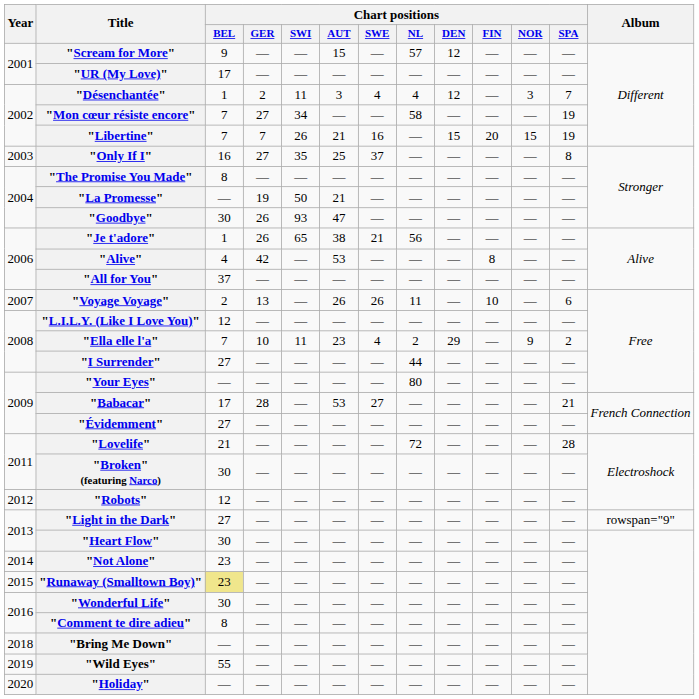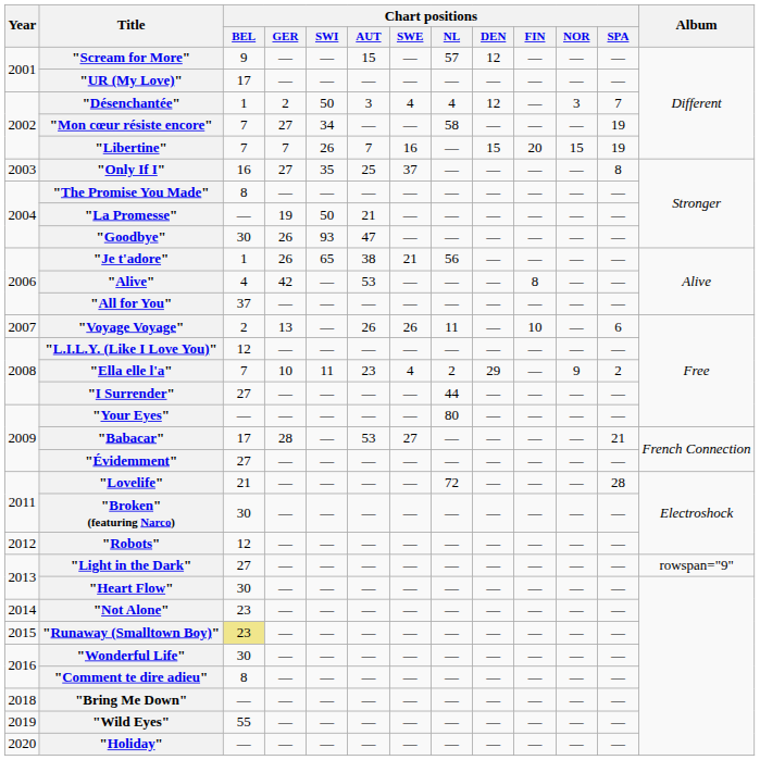 <table class="wikitable plainrowheaders" style="text-align:center;" border="1">
 <tr>
 <th scope="col" rowspan="2">Year</th>
 <th scope="col" rowspan="2">Title</th>
 <th scope="col" colspan="10">Chart positions</th>
 <th scope="col" rowspan="2">Album</th>
 </tr>
 <tr>
 <th scope="col" style="width:3em;font-size:85%;"><a href='#'>BEL</a><br></th>
 <th scope="col" style="width:3em;font-size:85%;"><a href='#'>GER</a><br></th>
 <th scope="col" style="width:3em;font-size:85%;"><a href='#'>SWI</a><br></th>
 <th scope="col" style="width:3em;font-size:85%;"><a href='#'>AUT</a><br></th>
 <th scope="col" style="width:3em;font-size:85%;"><a href='#'>SWE</a><br></th>
 <th scope="col" style="width:3em;font-size:85%;"><a href='#'>NL</a><br></th>
 <th scope="col" style="width:3em;font-size:85%;"><a href='#'>DEN</a><br></th>
 <th scope="col" style="width:3em;font-size:85%;"><a href='#'>FIN</a><br></th>
 <th scope="col" style="width:3em;font-size:85%;"><a href='#'>NOR</a><br></th>
 <th scope="col" style="width:3em;font-size:85%;"><a href='#'>SPA</a><br></th>
 </tr>
 <tr>
 <td rowspan="2">2001</td>
 <th scope="row">"<a href='#'>Scream for More</a>"</th>
 <td>9</td>
 <td>—</td>
 <td>—</td>
 <td>15</td>
 <td>—</td>
 <td>57</td>
 <td>12</td>
 <td>—</td>
 <td>—</td>
 <td>—</td>
 <td rowspan="5"><em>Different</em></td>
 </tr>
 <tr>
 <th scope="row">"<a href='#'>UR (My Love)</a>"</th>
 <td>17</td>
 <td>—</td>
 <td>—</td>
 <td>—</td>
 <td>—</td>
 <td>—</td>
 <td>—</td>
 <td>—</td>
 <td>—</td>
 <td>—</td>
 </tr>
 <tr>
 <td rowspan="3">2002</td>
 <th scope="row">"<a href='#'>Désenchantée</a>"</th>
 <td>1</td>
 <td>2</td>
-<td>11</td>
+<td>50</td>
 <td>3</td>
 <td>4</td>
 <td>4</td>
 <td>12</td>
 <td>—</td>
 <td>3</td>
 <td>7</td>
 </tr>
 <tr>
 <th scope="row">"<a href='#'>Mon cœur résiste encore</a>"</th>
 <td>7</td>
 <td>27</td>
 <td>34</td>
 <td>—</td>
 <td>—</td>
 <td>58</td>
 <td>—</td>
 <td>—</td>
 <td>—</td>
 <td>19</td>
 </tr>
 <tr>
 <th scope="row">"<a href='#'>Libertine</a>"</th>
 <td>7</td>
 <td>7</td>
 <td>26</td>
-<td>21</td>
+<td>7</td>
 <td>16</td>
 <td>—</td>
 <td>15</td>
 <td>20</td>
 <td>15</td>
 <td>19</td>
 </tr>
 <tr>
 <td>2003</td>
 <th scope="row">"<a href='#'>Only If I</a>"</th>
 <td>16</td>
 <td>27</td>
 <td>35</td>
 <td>25</td>
 <td>37</td>
 <td>—</td>
 <td>—</td>
 <td>—</td>
 <td>—</td>
 <td>8</td>
 <td rowspan="4"><em>Stronger</em></td>
 </tr>
 <tr>
 <td rowspan="3">2004</td>
 <th scope="row">"<a href='#'>The Promise You Made</a>"</th>
 <td>8</td>
 <td>—</td>
 <td>—</td>
 <td>—</td>
 <td>—</td>
 <td>—</td>
 <td>—</td>
 <td>—</td>
 <td>—</td>
 <td>—</td>
 </tr>
 <tr>
 <th scope="row">"<a href='#'>La Promesse</a>"</th>
 <td>—</td>
 <td>19</td>
 <td>50</td>
 <td>21</td>
 <td>—</td>
 <td>—</td>
 <td>—</td>
 <td>—</td>
 <td>—</td>
 <td>—</td>
 </tr>
 <tr>
 <th scope="row">"<a href='#'>Goodbye</a>"</th>
 <td>30</td>
 <td>26</td>
 <td>93</td>
 <td>47</td>
 <td>—</td>
 <td>—</td>
 <td>—</td>
 <td>—</td>
 <td>—</td>
 <td>—</td>
 </tr>
 <tr>
 <td rowspan="3">2006</td>
 <th scope="row">"<a href='#'>Je t'adore</a>"</th>
 <td>1</td>
 <td>26</td>
 <td>65</td>
 <td>38</td>
 <td>21</td>
 <td>56</td>
 <td>—</td>
 <td>—</td>
 <td>—</td>
 <td>—</td>
 <td rowspan="3"><em>Alive</em></td>
 </tr>
 <tr>
 <th scope="row">"<a href='#'>Alive</a>"</th>
 <td>4</td>
 <td>42</td>
 <td>—</td>
 <td>53</td>
 <td>—</td>
 <td>—</td>
 <td>—</td>
 <td>8</td>
 <td>—</td>
 <td>—</td>
 </tr>
 <tr>
 <th scope="row">"<a href='#'>All for You</a>"</th>
 <td>37</td>
 <td>—</td>
 <td>—</td>
 <td>—</td>
 <td>—</td>
 <td>—</td>
 <td>—</td>
 <td>—</td>
 <td>—</td>
 <td>—</td>
 </tr>
 <tr>
 <td>2007</td>
 <th scope="row">"<a href='#'>Voyage Voyage</a>"</th>
 <td>2</td>
 <td>13</td>
 <td>—</td>
 <td>26</td>
 <td>26</td>
 <td>11</td>
 <td>—</td>
 <td>10</td>
 <td>—</td>
 <td>6</td>
 <td rowspan="5"><em>Free</em></td>
 </tr>
 <tr>
 <td rowspan="3">2008</td>
 <th scope="row">"<a href='#'>L.I.L.Y. (Like I Love You)</a>"</th>
 <td>12</td>
 <td>—</td>
 <td>—</td>
 <td>—</td>
 <td>—</td>
 <td>—</td>
 <td>—</td>
 <td>—</td>
 <td>—</td>
 <td>—</td>
 </tr>
 <tr>
 <th scope="row">"<a href='#'>Ella elle l'a</a>"</th>
 <td>7</td>
 <td>10</td>
 <td>11</td>
 <td>23</td>
 <td>4</td>
 <td>2</td>
 <td>29</td>
 <td>—</td>
 <td>9</td>
 <td>2</td>
 </tr>
 <tr>
 <th scope="row">"<a href='#'>I Surrender</a>"</th>
 <td>27</td>
 <td>—</td>
 <td>—</td>
 <td>—</td>
 <td>—</td>
 <td>44</td>
 <td>—</td>
 <td>—</td>
 <td>—</td>
 <td>—</td>
 </tr>
 <tr>
 <td rowspan="3">2009</td>
 <th scope="row">"<a href='#'>Your Eyes</a>"</th>
 <td>—</td>
 <td>—</td>
 <td>—</td>
 <td>—</td>
 <td>—</td>
 <td>80</td>
 <td>—</td>
 <td>—</td>
 <td>—</td>
 <td>—</td>
 </tr>
 <tr>
 <th scope="row">"<a href='#'>Babacar</a>"</th>
 <td>17</td>
 <td>28</td>
 <td>—</td>
 <td>53</td>
 <td>27</td>
 <td>—</td>
 <td>—</td>
 <td>—</td>
 <td>—</td>
 <td>21</td>
 <td rowspan="2"><em>French Connection</em></td>
 </tr>
 <tr>
 <th scope="row">"<a href='#'>Évidemment</a>"</th>
 <td>27</td>
 <td>—</td>
 <td>—</td>
 <td>—</td>
 <td>—</td>
 <td>—</td>
 <td>—</td>
 <td>—</td>
 <td>—</td>
 <td>—</td>
 </tr>
 <tr>
 <td rowspan="2">2011</td>
 <th scope="row">"<a href='#'>Lovelife</a>"</th>
 <td>21</td>
 <td>—</td>
 <td>—</td>
 <td>—</td>
 <td>—</td>
 <td>72</td>
 <td>—</td>
 <td>—</td>
 <td>—</td>
 <td>28</td>
 <td rowspan="3"><em>Electroshock</em></td>
 </tr>
 <tr>
 <th scope="row">"<a href='#'>Broken</a>"<br><small>(featuring <a href='#'>Narco</a>)</small></th>
 <td>30</td>
 <td>—</td>
 <td>—</td>
 <td>—</td>
 <td>—</td>
 <td>—</td>
 <td>—</td>
 <td>—</td>
 <td>—</td>
 <td>—</td>
 </tr>
 <tr>
 <td>2012</td>
 <th scope="row">"<a href='#'>Robots</a>"</th>
 <td>12</td>
 <td>—</td>
 <td>—</td>
 <td>—</td>
 <td>—</td>
 <td>—</td>
 <td>—</td>
 <td>—</td>
 <td>—</td>
 <td>—</td>
 </tr>
 <tr>
 <td rowspan="2">2013</td>
 <th scope="row">"<a href='#'>Light in the Dark</a>"</th>
 <td>27</td>
 <td>—</td>
 <td>—</td>
 <td>—</td>
 <td>—</td>
 <td>—</td>
 <td>—</td>
 <td>—</td>
 <td>—</td>
 <td>—</td>
 <td>rowspan="9" </td>
 </tr>
 <tr>
 <th scope="row">"<a href='#'>Heart Flow</a>"</th>
 <td>30</td>
 <td>—</td>
 <td>—</td>
 <td>—</td>
 <td>—</td>
 <td>—</td>
 <td>—</td>
 <td>—</td>
 <td>—</td>
 <td>—</td>
 </tr>
 <tr>
 <td>2014</td>
 <th scope="row">"<a href='#'>Not Alone</a>"</th>
 <td>23</td>
 <td>—</td>
 <td>—</td>
 <td>—</td>
 <td>—</td>
 <td>—</td>
 <td>—</td>
 <td>—</td>
 <td>—</td>
 <td>—</td>
 </tr>
 <tr>
 <td>2015</td>
 <th scope="row">"<a href='#'>Runaway (Smalltown Boy)</a>"</th>
 <td style="background: khaki;">23</td>
 <td>—</td>
 <td>—</td>
 <td>—</td>
 <td>—</td>
 <td>—</td>
 <td>—</td>
 <td>—</td>
 <td>—</td>
 <td>—</td>
 </tr>
 <tr>
 <td rowspan="2">2016</td>
 <th scope="row">"<a href='#'>Wonderful Life</a>"</th>
 <td>30</td>
 <td>—</td>
 <td>—</td>
 <td>—</td>
 <td>—</td>
 <td>—</td>
 <td>—</td>
 <td>—</td>
 <td>—</td>
 <td>—</td>
 </tr>
 <tr>
 <th scope="row">"<a href='#'>Comment te dire adieu</a>"</th>
 <td>8</td>
 <td>—</td>
 <td>—</td>
 <td>—</td>
 <td>—</td>
 <td>—</td>
 <td>—</td>
 <td>—</td>
 <td>—</td>
 <td>—</td>
 </tr>
 <tr>
 <td>2018</td>
 <th scope="row">"Bring Me Down"</th>
 <td>—</td>
 <td>—</td>
 <td>—</td>
 <td>—</td>
 <td>—</td>
 <td>—</td>
 <td>—</td>
 <td>—</td>
 <td>—</td>
 <td>—</td>
 </tr>
 <tr>
 <td>2019</td>
 <th scope="row">"Wild Eyes"</th>
 <td>55</td>
 <td>—</td>
 <td>—</td>
 <td>—</td>
 <td>—</td>
 <td>—</td>
 <td>—</td>
 <td>—</td>
 <td>—</td>
 <td>—</td>
 </tr>
 <tr>
 <td>2020</td>
 <th scope="row">"<a href='#'>Holiday</a>"</th>
 <td>—</td>
 <td>—</td>
 <td>—</td>
 <td>—</td>
 <td>—</td>
 <td>—</td>
 <td>—</td>
 <td>—</td>
 <td>—</td>
 <td>—</td>
 </tr>
 </table>
